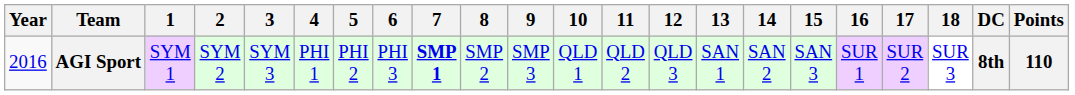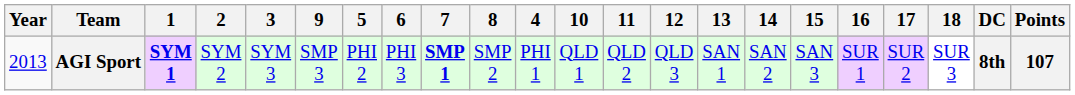 <table class="wikitable" style="text-align:center; font-size:90%">
 <tr>
 <th>Year</th>
 <th>Team</th>
 <th>1</th>
 <th>2</th>
 <th>3</th>
-<th>4</th>
+<th>9</th>
 <th>5</th>
 <th>6</th>
 <th>7</th>
 <th>8</th>
-<th>9</th>
+<th>4</th>
 <th>10</th>
 <th>11</th>
 <th>12</th>
 <th>13</th>
 <th>14</th>
 <th>15</th>
 <th>16</th>
 <th>17</th>
 <th>18</th>
 <th>DC</th>
 <th>Points</th>
 </tr>
 <tr>
-<td><a href='#'>2016</a></td>
+<td><a href='#'>2013</a></td>
 <th>AGI Sport</th>
-<td style="background:#EFCFFF"><a href='#'>SYM<br>1</a><br></td>
+<td style="background:#EFCFFF"><strong><a href='#'>SYM<br>1</a><br></strong></td>
 <td style="background:#DFFFDF"><a href='#'>SYM<br>2</a><br></td>
 <td style="background:#DFFFDF"><a href='#'>SYM<br>3</a><br></td>
-<td style="background:#DFFFDF"><a href='#'>PHI<br>1</a><br></td>
+<td style="background:#DFFFDF"><a href='#'>SMP<br>3</a><br></td>
 <td style="background:#DFFFDF"><a href='#'>PHI<br>2</a><br></td>
 <td style="background:#DFFFDF"><a href='#'>PHI<br>3</a><br></td>
 <td style="background:#DFFFDF"><strong><a href='#'>SMP<br>1</a><br></strong></td>
 <td style="background:#DFFFDF"><a href='#'>SMP<br>2</a><br></td>
-<td style="background:#DFFFDF"><a href='#'>SMP<br>3</a><br></td>
+<td style="background:#DFFFDF"><a href='#'>PHI<br>1</a><br></td>
 <td style="background:#DFFFDF"><a href='#'>QLD<br>1</a><br></td>
 <td style="background:#DFFFDF"><a href='#'>QLD<br>2</a><br></td>
 <td style="background:#DFFFDF"><a href='#'>QLD<br>3</a><br></td>
 <td style="background:#DFFFDF"><a href='#'>SAN<br>1</a><br></td>
 <td style="background:#DFFFDF"><a href='#'>SAN<br>2</a><br></td>
 <td style="background:#DFFFDF"><a href='#'>SAN<br>3</a><br></td>
 <td style="background:#EFCFFF"><a href='#'>SUR<br>1</a><br></td>
 <td style="background:#EFCFFF"><a href='#'>SUR<br>2</a><br></td>
 <td style="background:#FFFFFF"><a href='#'>SUR<br>3</a><br></td>
 <th>8th</th>
-<th>110</th>
+<th>107</th>
 </tr>
 </table>
